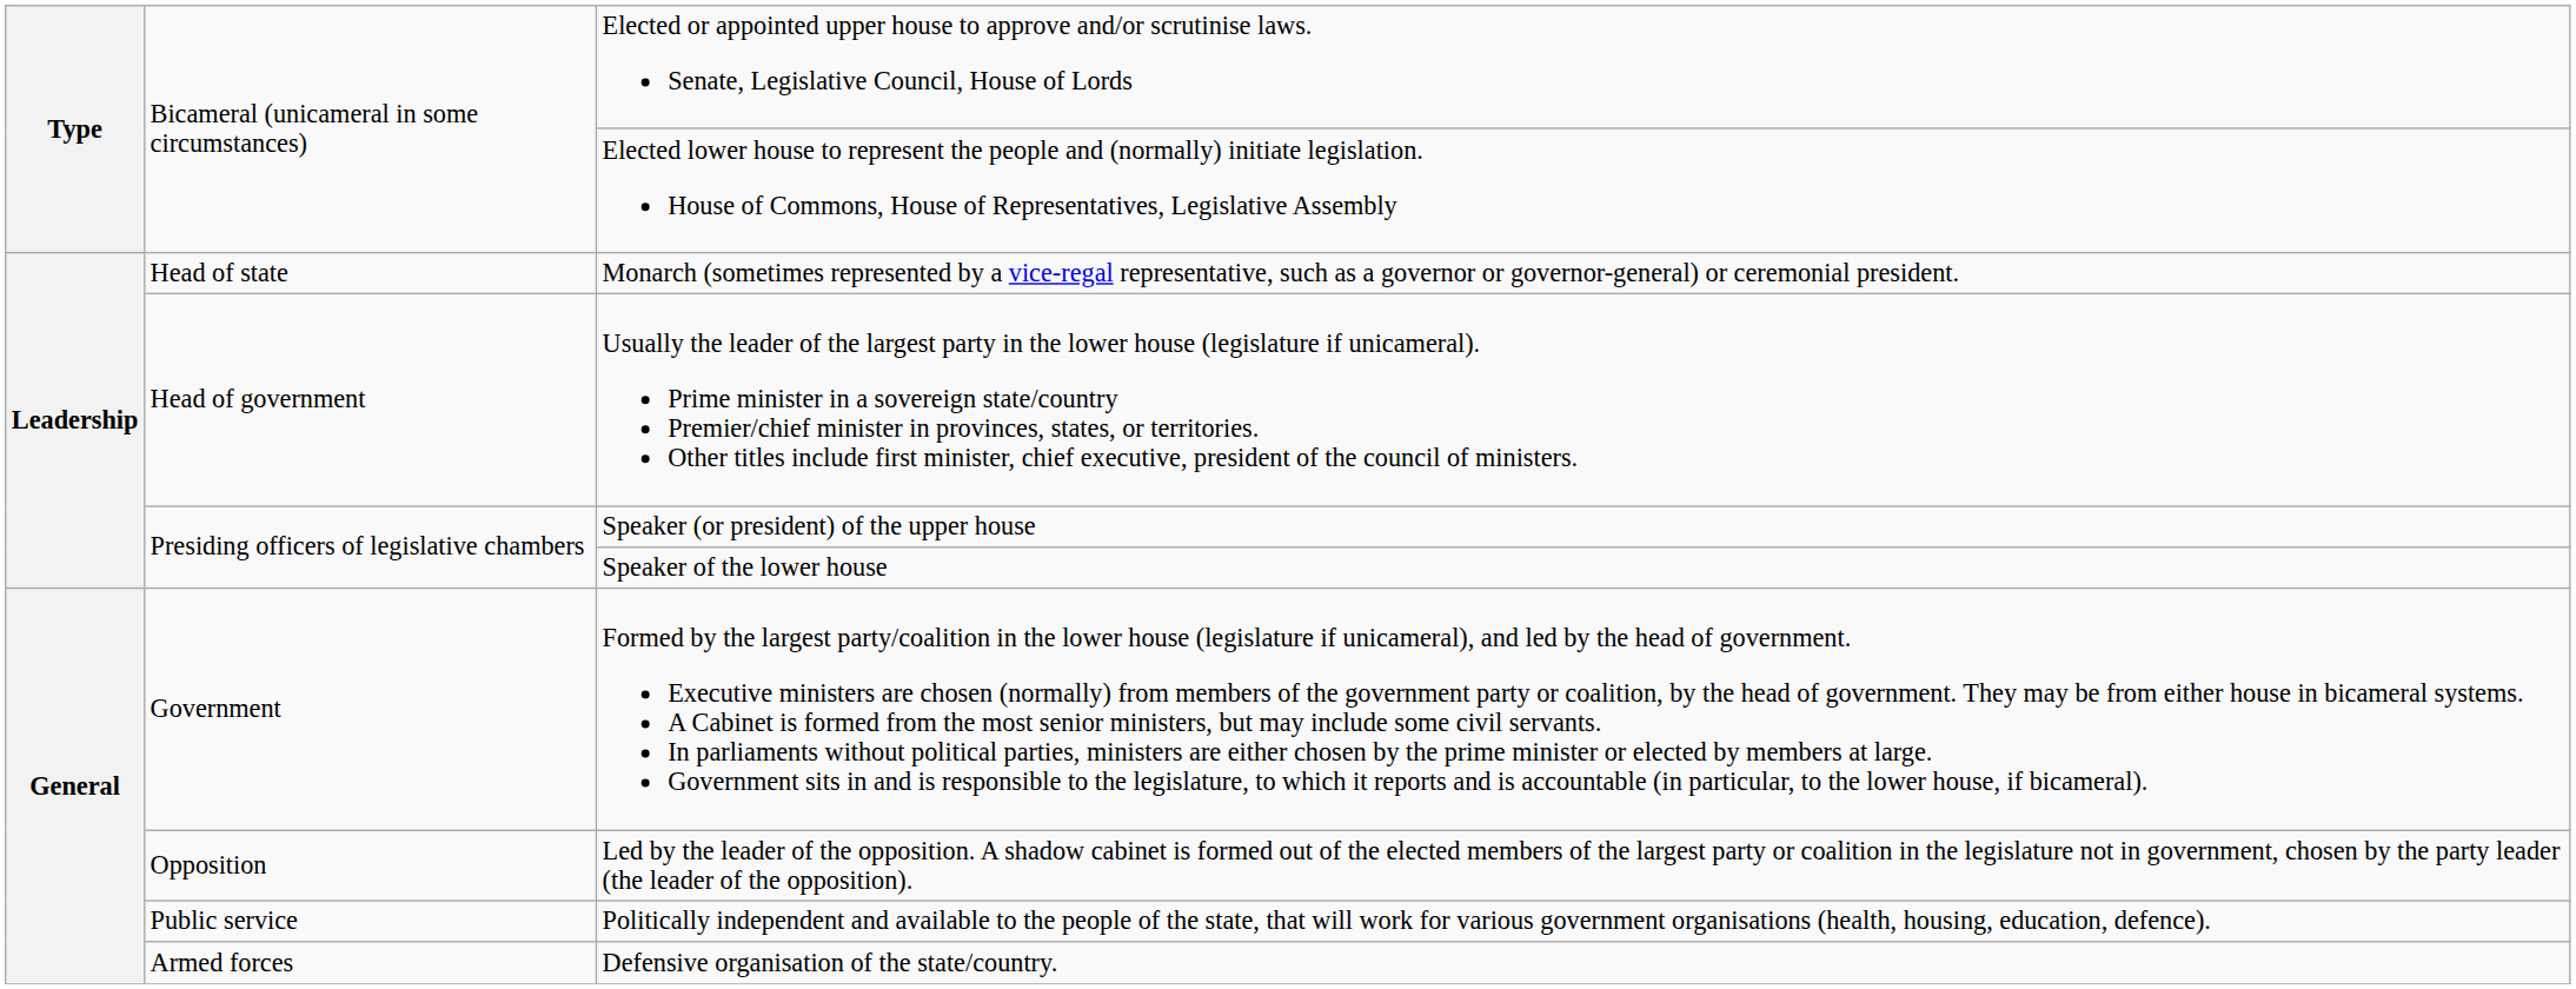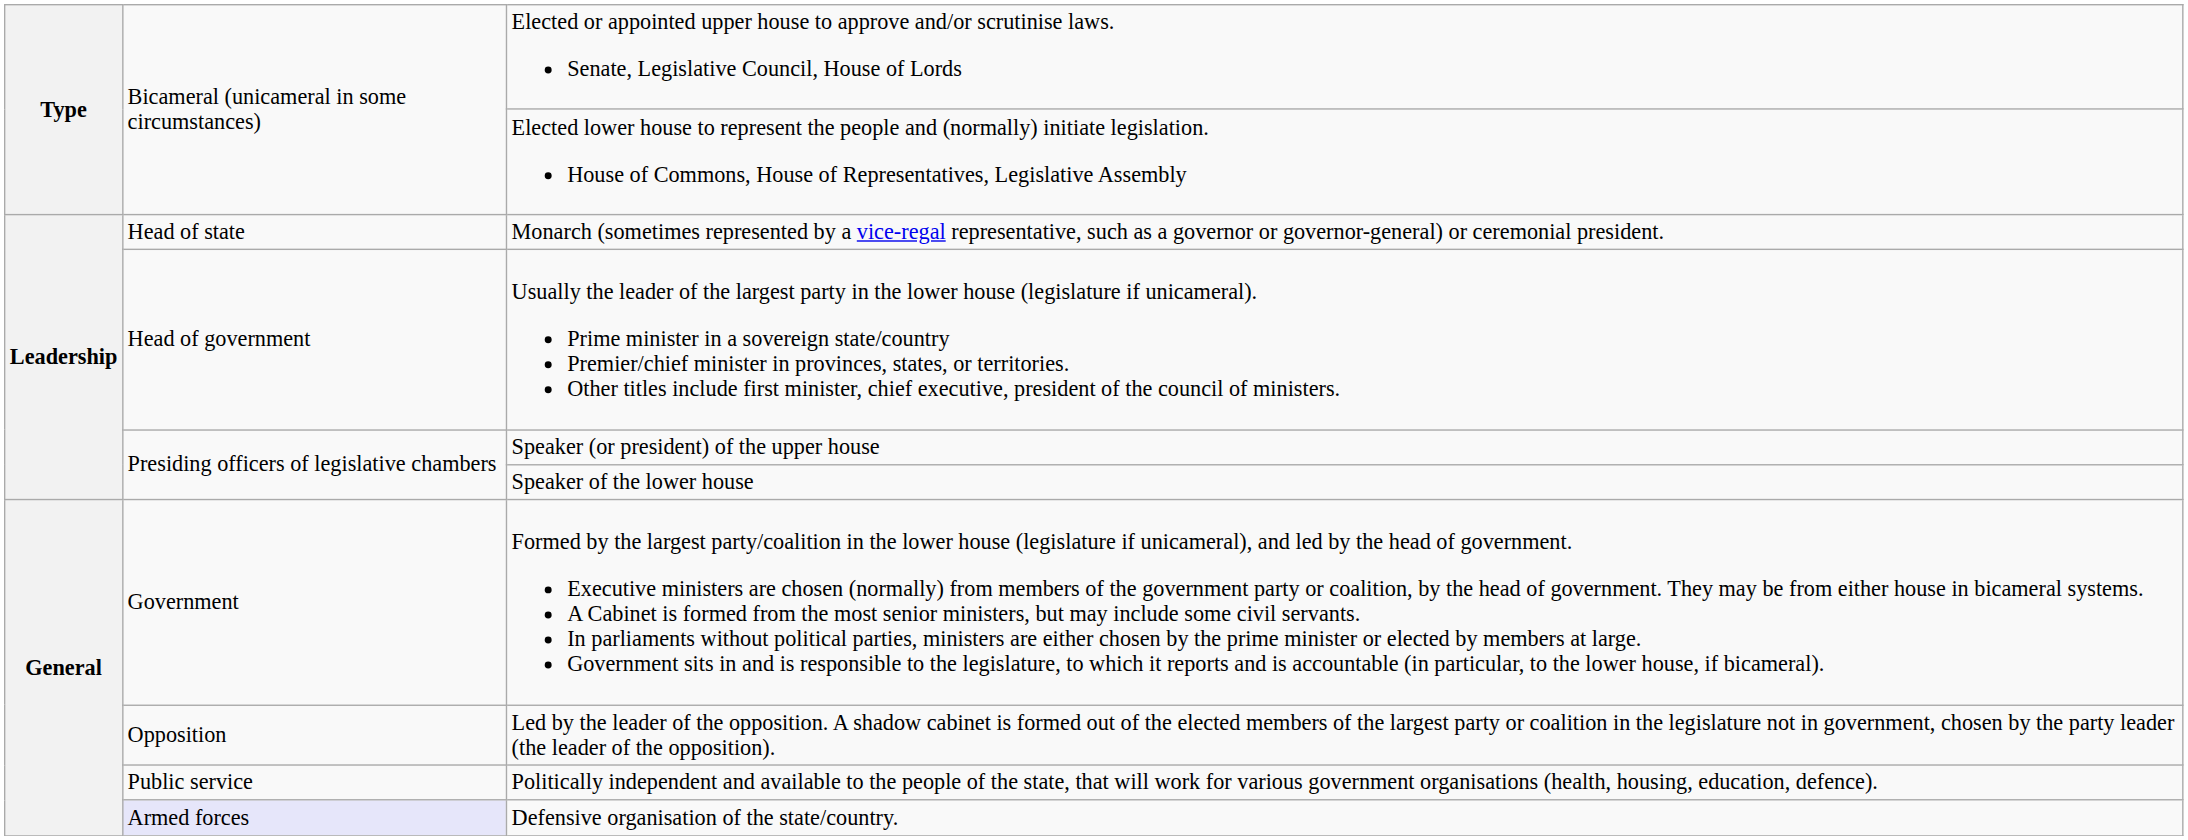 <table class="wikitable">
 <tr>
 <th rowspan=2>Type</th>
 <td rowspan=2>Bicameral (unicameral in some circumstances)</td>
 <td>Elected or appointed upper house to approve and/or scrutinise laws.<br><ul><li>Senate, Legislative Council, House of Lords</li></ul></td>
 </tr>
 <tr>
 <td>Elected lower house to represent the people and (normally) initiate legislation.<br><ul><li>House of Commons, House of Representatives, Legislative Assembly</li></ul></td>
 </tr>
 <tr>
 <th rowspan=4>Leadership</th>
 <td>Head of state</td>
 <td>Monarch (sometimes represented by a <a href='#'>vice-regal</a> representative, such as a governor or governor-general) or ceremonial president.</td>
 </tr>
 <tr>
 <td>Head of government</td>
 <td><br>Usually the leader of the largest party in the lower house (legislature if unicameral).<ul><li>Prime minister in a sovereign state/country</li><li>Premier/chief minister in provinces, states, or territories.</li><li>Other titles include first minister, chief executive, president of the council of ministers.</li></ul></td>
 </tr>
 <tr>
 <td rowspan=2>Presiding officers of legislative chambers</td>
 <td>Speaker (or president) of the upper house</td>
 </tr>
 <tr>
 <td>Speaker of the lower house</td>
 </tr>
 <tr>
 <th rowspan=4>General</th>
 <td>Government</td>
 <td><br>Formed by the largest party/coalition in the lower house (legislature if unicameral), and led by the  head of government.<ul><li>Executive ministers are chosen (normally) from members of the government party or coalition, by the head of government.  They may be from either house in bicameral systems.</li><li>A Cabinet is formed from the most senior ministers, but may include some civil servants.</li><li>In parliaments without political parties, ministers are either chosen by the prime minister or elected by members at large.</li><li>Government sits in and is responsible to the legislature, to which it reports and is accountable (in particular, to the lower house, if bicameral).</li></ul></td>
 </tr>
 <tr>
 <td>Opposition</td>
 <td>Led by the leader of the opposition. A shadow cabinet is formed out of the elected members of the largest party or coalition in the legislature not in government, chosen by the party leader (the leader of the opposition).</td>
 </tr>
 <tr>
 <td>Public service</td>
 <td>Politically independent and available to the people of the state, that will work for various government organisations (health, housing, education, defence).</td>
 </tr>
 <tr>
-<td>Armed forces</td>
+<td style="background: lavender;">Armed forces</td>
 <td>Defensive organisation of the state/country.</td>
 </tr>
 </table>
